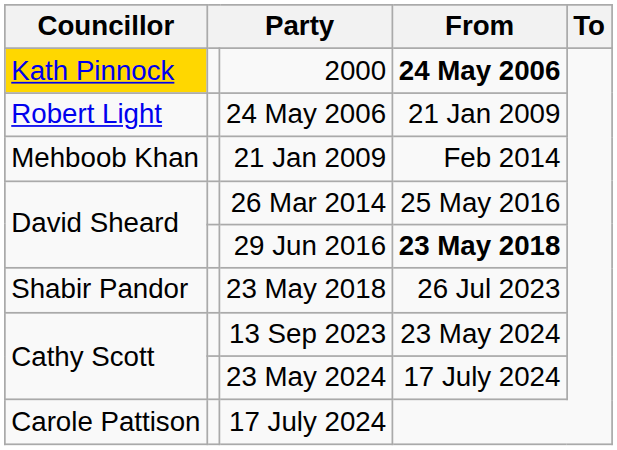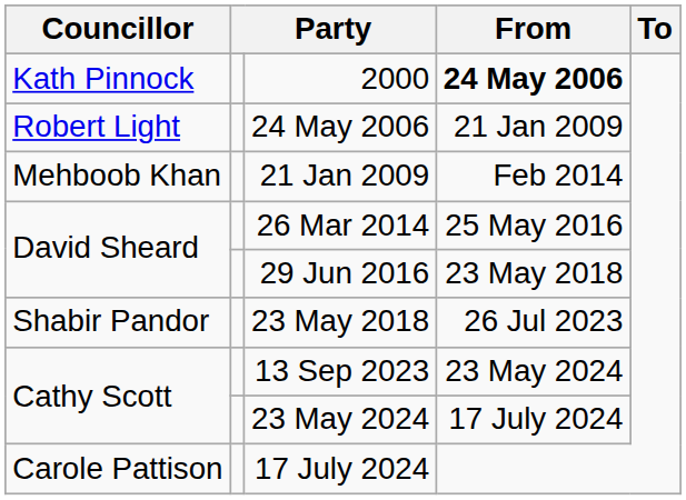 <table class=wikitable>
 <tr>
 <th>Councillor</th>
 <th colspan=2>Party</th>
 <th>From</th>
 <th>To</th>
 </tr>
 <tr>
-<td style="background: gold;"><a href='#'>Kath Pinnock</a></td>
+<td><a href='#'>Kath Pinnock</a></td>
 <td></td>
 <td align=right>2000</td>
 <td align=right><strong>24 May 2006</strong></td>
 </tr>
 <tr>
 <td><a href='#'>Robert Light</a></td>
 <td></td>
 <td align=right>24 May 2006</td>
 <td align=right>21 Jan 2009</td>
 </tr>
 <tr>
 <td>Mehboob Khan</td>
 <td></td>
 <td align=right>21 Jan 2009</td>
 <td align=right>Feb 2014</td>
 </tr>
 <tr>
 <td rowspan=2>David Sheard</td>
 <td></td>
 <td align=right>26 Mar 2014</td>
 <td align=right>25 May 2016</td>
 </tr>
 <tr>
 <td></td>
 <td align=right>29 Jun 2016</td>
-<td align=right><strong>23 May 2018</strong></td>
+<td align=right>23 May 2018</td>
 </tr>
 <tr>
 <td>Shabir Pandor</td>
 <td></td>
 <td align=right>23 May 2018</td>
 <td align=right>26 Jul 2023</td>
 </tr>
 <tr>
 <td rowspan=2>Cathy Scott</td>
 <td></td>
 <td align=right>13 Sep 2023</td>
 <td align=right>23 May 2024</td>
 </tr>
 <tr>
 <td></td>
 <td align=right>23 May 2024</td>
 <td align=right>17 July 2024</td>
 </tr>
 <tr>
 <td>Carole Pattison</td>
 <td></td>
 <td align=right>17 July 2024</td>
 </tr>
 </table>
